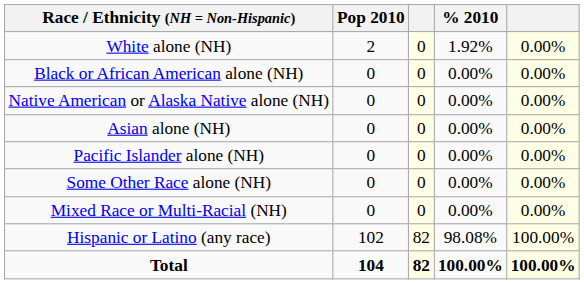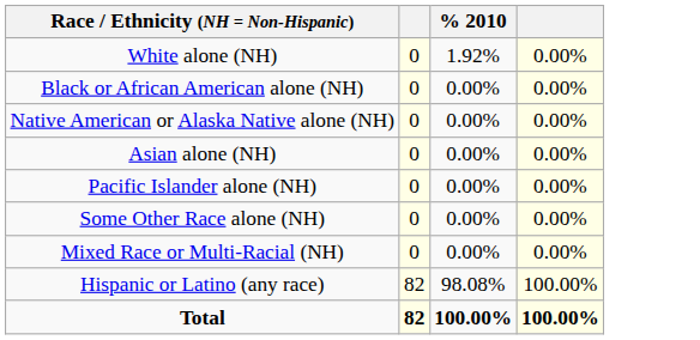 <table class="wikitable" style="text-align:center;">
 <tr>
 <th>Race / Ethnicity <small>(<em>NH = Non-Hispanic</em>)</small></th>
-<th>Pop 2010</th>
 <th></th>
 <th>% 2010</th>
 <th></th>
 </tr>
 <tr>
 <td><a href='#'>White</a> alone (NH)</td>
-<td>2</td>
 <td style='background: #ffffe6;'>0</td>
 <td>1.92%</td>
 <td style='background: #ffffe6;'>0.00%</td>
 </tr>
 <tr>
 <td><a href='#'>Black or African American</a> alone (NH)</td>
-<td>0</td>
 <td style='background: #ffffe6;'>0</td>
 <td>0.00%</td>
 <td style='background: #ffffe6;'>0.00%</td>
 </tr>
 <tr>
 <td><a href='#'>Native American</a> or <a href='#'>Alaska Native</a> alone (NH)</td>
-<td>0</td>
 <td style='background: #ffffe6;'>0</td>
 <td>0.00%</td>
 <td style='background: #ffffe6;'>0.00%</td>
 </tr>
 <tr>
 <td><a href='#'>Asian</a> alone (NH)</td>
-<td>0</td>
 <td style='background: #ffffe6;'>0</td>
 <td>0.00%</td>
 <td style='background: #ffffe6;'>0.00%</td>
 </tr>
 <tr>
 <td><a href='#'>Pacific Islander</a> alone (NH)</td>
-<td>0</td>
 <td style='background: #ffffe6;'>0</td>
 <td>0.00%</td>
 <td style='background: #ffffe6;'>0.00%</td>
 </tr>
 <tr>
 <td><a href='#'>Some Other Race</a> alone (NH)</td>
-<td>0</td>
 <td style='background: #ffffe6;'>0</td>
 <td>0.00%</td>
 <td style='background: #ffffe6;'>0.00%</td>
 </tr>
 <tr>
 <td><a href='#'>Mixed Race or Multi-Racial</a> (NH)</td>
-<td>0</td>
 <td style='background: #ffffe6;'>0</td>
 <td>0.00%</td>
 <td style='background: #ffffe6;'>0.00%</td>
 </tr>
 <tr>
 <td><a href='#'>Hispanic or Latino</a> (any race)</td>
-<td>102</td>
 <td style='background: #ffffe6;'>82</td>
 <td>98.08%</td>
 <td style='background: #ffffe6;'>100.00%</td>
 </tr>
 <tr>
 <td><strong>Total</strong></td>
-<td><strong>104</strong></td>
 <td style='background: #ffffe6;'><strong>82</strong></td>
 <td><strong>100.00%</strong></td>
 <td style='background: #ffffe6;'><strong>100.00%</strong></td>
 </tr>
 </table>
